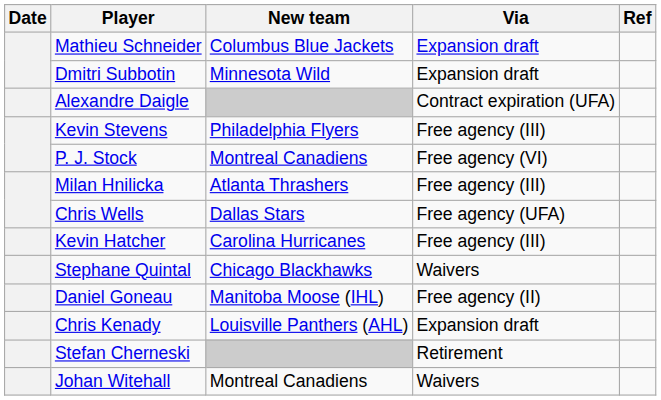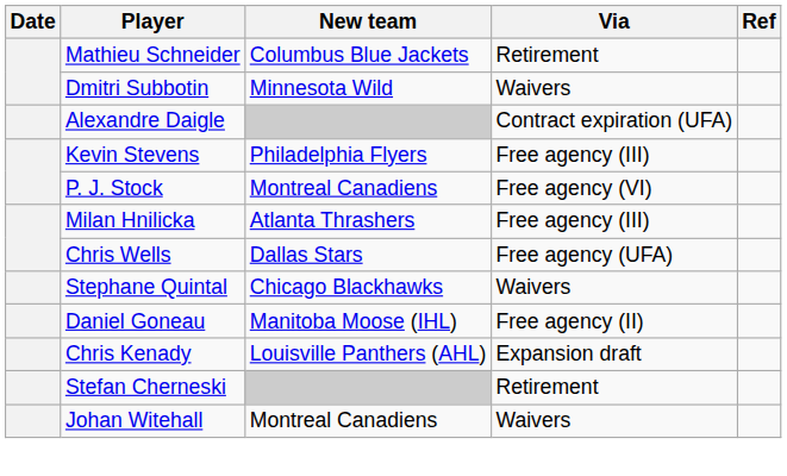 <table class="wikitable plainrowheaders">
 <tr style="background:#ddd; text-align:center;">
 <th>Date</th>
 <th>Player</th>
 <th>New team</th>
 <th>Via</th>
 <th>Ref</th>
 </tr>
 <tr>
 <th scope="row" rowspan=2></th>
 <td><a href='#'>Mathieu Schneider</a></td>
 <td><a href='#'>Columbus Blue Jackets</a></td>
-<td><a href='#'>Expansion draft</a></td>
+<td>Retirement</td>
 <td></td>
 </tr>
 <tr>
 <td><a href='#'>Dmitri Subbotin</a></td>
 <td><a href='#'>Minnesota Wild</a></td>
-<td>Expansion draft</td>
+<td>Waivers</td>
 <td></td>
 </tr>
 <tr>
 <th scope="row"></th>
 <td><a href='#'>Alexandre Daigle</a></td>
 <td style="background:#ccc"></td>
 <td>Contract expiration (UFA)</td>
 <td></td>
 </tr>
 <tr>
 <th scope="row" rowspan=2></th>
 <td><a href='#'>Kevin Stevens</a></td>
 <td><a href='#'>Philadelphia Flyers</a></td>
 <td>Free agency (III)</td>
 <td></td>
 </tr>
 <tr>
 <td><a href='#'>P. J. Stock</a></td>
 <td><a href='#'>Montreal Canadiens</a></td>
 <td>Free agency (VI)</td>
 <td></td>
 </tr>
 <tr>
 <th scope="row" rowspan=2></th>
 <td><a href='#'>Milan Hnilicka</a></td>
 <td><a href='#'>Atlanta Thrashers</a></td>
 <td>Free agency (III)</td>
 <td></td>
 </tr>
 <tr>
 <td><a href='#'>Chris Wells</a></td>
 <td><a href='#'>Dallas Stars</a></td>
 <td>Free agency (UFA)</td>
-<td></td>
-</tr>
-<tr>
-<th scope="row"></th>
-<td><a href='#'>Kevin Hatcher</a></td>
-<td><a href='#'>Carolina Hurricanes</a></td>
-<td>Free agency (III)</td>
 <td></td>
 </tr>
 <tr>
 <th scope="row"></th>
 <td><a href='#'>Stephane Quintal</a></td>
 <td><a href='#'>Chicago Blackhawks</a></td>
 <td>Waivers</td>
 <td></td>
 </tr>
 <tr>
 <th scope="row"></th>
 <td><a href='#'>Daniel Goneau</a></td>
 <td><a href='#'>Manitoba Moose</a> (<a href='#'>IHL</a>)</td>
 <td>Free agency (II)</td>
 <td></td>
 </tr>
 <tr>
 <th scope="row"></th>
 <td><a href='#'>Chris Kenady</a></td>
 <td><a href='#'>Louisville Panthers</a> (<a href='#'>AHL</a>)</td>
 <td>Expansion draft</td>
 <td></td>
 </tr>
 <tr>
 <th scope="row"></th>
 <td><a href='#'>Stefan Cherneski</a></td>
 <td style="background:#ccc"></td>
 <td>Retirement</td>
 <td></td>
 </tr>
 <tr>
 <th scope="row"></th>
 <td><a href='#'>Johan Witehall</a></td>
 <td>Montreal Canadiens</td>
 <td>Waivers</td>
 <td></td>
 </tr>
 </table>
